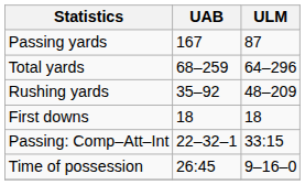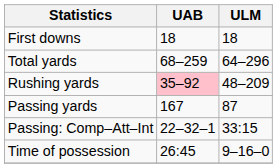 <table class="wikitable" style="float: left;">
 <tr>
 <th>Statistics</th>
 <th>UAB</th>
 <th>ULM</th>
 </tr>
 <tr>
-<td>Passing yards</td>
-<td>167</td>
-<td>87</td>
+<td>First downs</td>
+<td>18</td>
+<td>18</td>
 </tr>
 <tr>
 <td>Total yards</td>
 <td>68–259</td>
 <td>64–296</td>
 </tr>
 <tr>
 <td>Rushing yards</td>
-<td>35–92</td>
+<td style="background: pink;">35–92</td>
 <td>48–209</td>
 </tr>
 <tr>
-<td>First downs</td>
-<td>18</td>
-<td>18</td>
+<td>Passing yards</td>
+<td>167</td>
+<td>87</td>
 </tr>
 <tr>
 <td>Passing: Comp–Att–Int</td>
 <td>22–32–1</td>
 <td>33:15</td>
 </tr>
 <tr>
 <td>Time of possession</td>
 <td>26:45</td>
 <td>9–16–0</td>
 </tr>
 <tr>
 </tr>
 </table>
